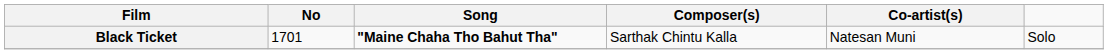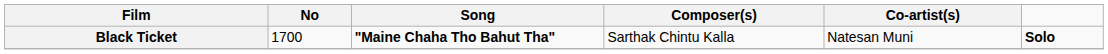 <table class="wikitable plainrowheaders" style="width:100%; textcolor:#000">
 <tr>
 <th scope="col" style="width:24%;">Film</th>
 <th>No</th>
 <th scope="col" style="width:23%;">Song</th>
 <th scope="col" style="width:20%;">Composer(s)</th>
 <th scope="col" style="width:18%;">Co-artist(s)</th>
 </tr>
 <tr>
 <th>Black Ticket</th>
-<td>1701</td>
+<td>1700</td>
 <td><strong>"Maine Chaha Tho Bahut Tha"</strong></td>
 <td>Sarthak Chintu Kalla</td>
 <td>Natesan Muni</td>
-<td>Solo</td>
+<td><strong>Solo</strong></td>
 </tr>
 <tr>
 </tr>
 </table>
